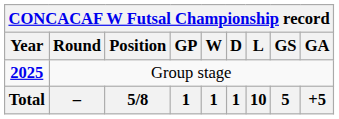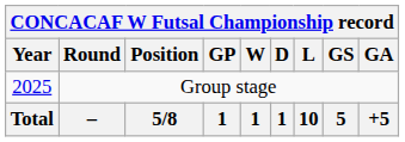 <table class="wikitable" style="text-align: center;font-size:90%;">
 <tr>
 <th colspan=9><a href='#'>CONCACAF W Futsal Championship</a> record</th>
 </tr>
 <tr>
 <th>Year</th>
 <th>Round</th>
 <th>Position</th>
 <th>GP</th>
 <th>W</th>
 <th>D</th>
 <th>L</th>
 <th>GS</th>
 <th>GA</th>
 </tr>
 <tr>
-<td><strong> <a href='#'>2025</a></strong></td>
+<td> <a href='#'>2025</a></td>
 <td colspan=8>Group stage</td>
 </tr>
 <tr>
 <th><strong>Total</strong></th>
 <th>–</th>
 <th><strong>5/8</strong></th>
 <th><strong>1</strong></th>
 <th><strong>1</strong></th>
 <th><strong>1</strong></th>
 <th><strong>10</strong></th>
 <th><strong>5</strong></th>
 <th><strong>+5</strong></th>
 </tr>
 </table>
